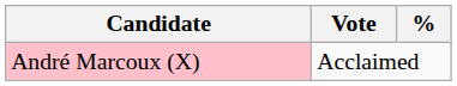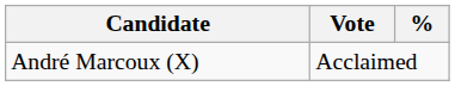 <table class="wikitable">
 <tr>
 <th bgcolor="#DDDDFF" width="200px">Candidate</th>
 <th bgcolor="#DDDDFF" width="50px">Vote</th>
 <th bgcolor="#DDDDFF" width="30px">%</th>
 </tr>
 <tr>
-<td style="background: pink;">André Marcoux (X)</td>
+<td>André Marcoux (X)</td>
 <td colspan="2">Acclaimed</td>
 </tr>
 </table>
